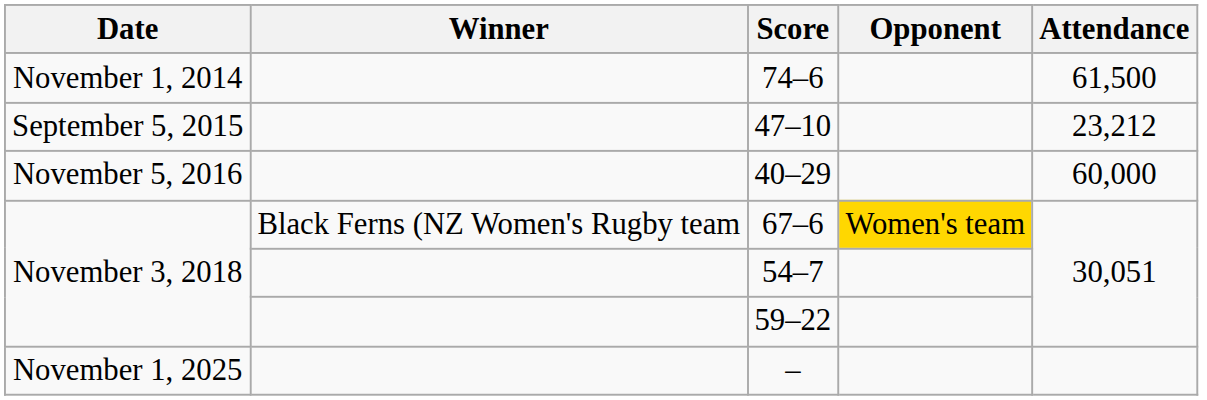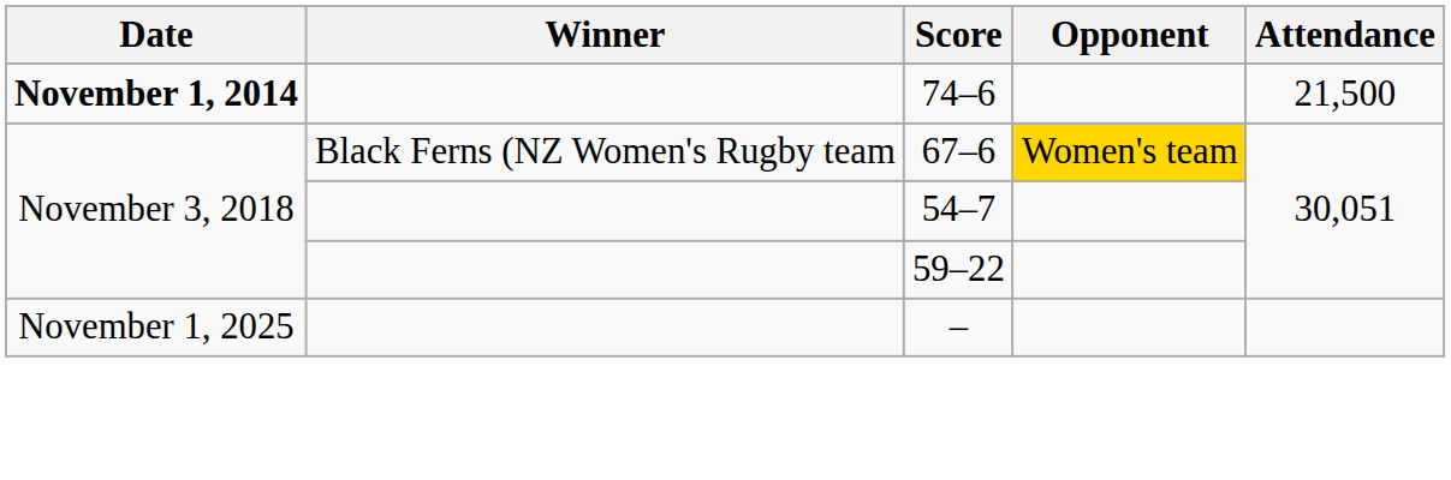 <table class="wikitable">
 <tr>
 <th style="text-align:center;">Date</th>
 <th style="text-align:center;">Winner</th>
 <th style="text-align:center;">Score</th>
 <th style="text-align:center;">Opponent</th>
 <th style="text-align:center;">Attendance</th>
 </tr>
 <tr align=center>
-<td>November 1, 2014</td>
+<td><strong>November 1, 2014</strong></td>
 <td><strong></strong></td>
 <td>74–6</td>
 <td></td>
-<td>61,500</td>
-</tr>
-<tr align=center>
-<td>September 5, 2015</td>
-<td><strong></strong></td>
-<td>47–10</td>
-<td></td>
-<td>23,212</td>
-</tr>
-<tr align=center>
-<td>November 5, 2016</td>
-<td><strong></strong></td>
-<td>40–29</td>
-<td></td>
-<td>60,000</td>
+<td>21,500</td>
 </tr>
 <tr align=center>
 <td rowspan=3>November 3, 2018</td>
 <td><strong></strong> Black Ferns (NZ Women's Rugby team</td>
 <td>67–6</td>
 <td style="background: gold;"> Women's team</td>
 <td rowspan=3>30,051</td>
 </tr>
 <tr align=center>
 <td><strong></strong></td>
 <td>54–7</td>
 <td></td>
 </tr>
 <tr align=center>
 <td><strong></strong></td>
 <td>59–22</td>
 <td></td>
 </tr>
 <tr align=center>
 <td>November 1, 2025</td>
 <td></td>
 <td>–</td>
 <td></td>
 </tr>
 </table>
